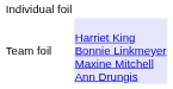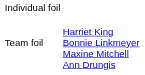 <table>
 <tr>
 <td>Individual foil <br></td>
 <td></td>
 <td></td>
 <td></td>
 </tr>
 <tr>
 <td>Team foil <br></td>
-<td style="background: lavender;"><br><a href='#'>Harriet King</a><br><a href='#'>Bonnie Linkmeyer</a><br><a href='#'>Maxine Mitchell</a><br><a href='#'>Ann Drungis</a></td>
+<td><br><a href='#'>Harriet King</a><br><a href='#'>Bonnie Linkmeyer</a><br><a href='#'>Maxine Mitchell</a><br><a href='#'>Ann Drungis</a></td>
 <td></td>
 <td></td>
 </tr>
 </table>
